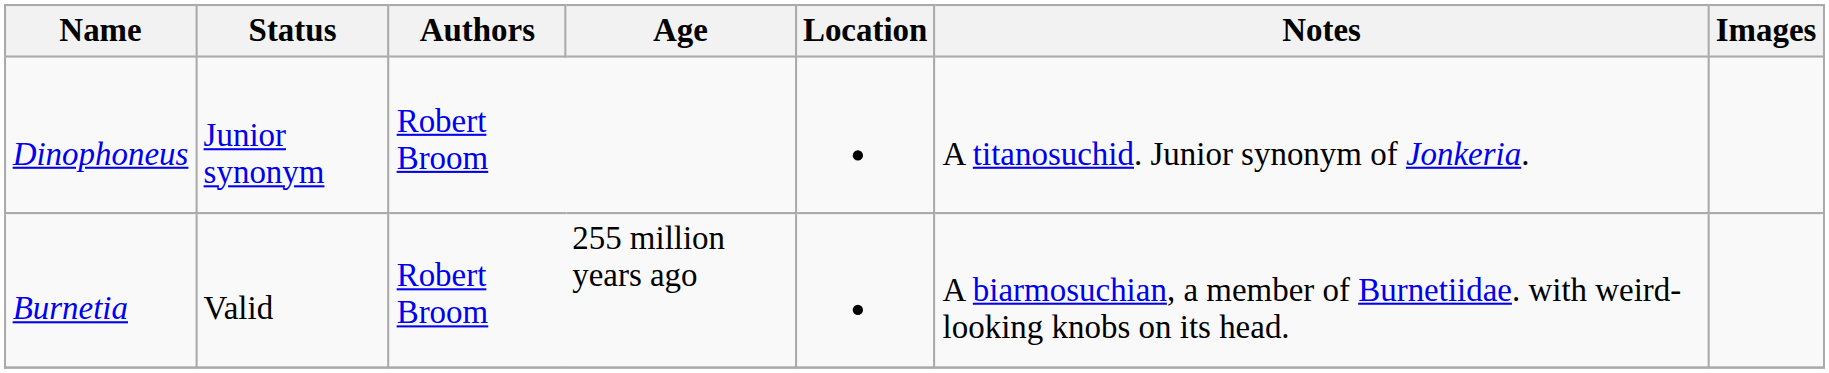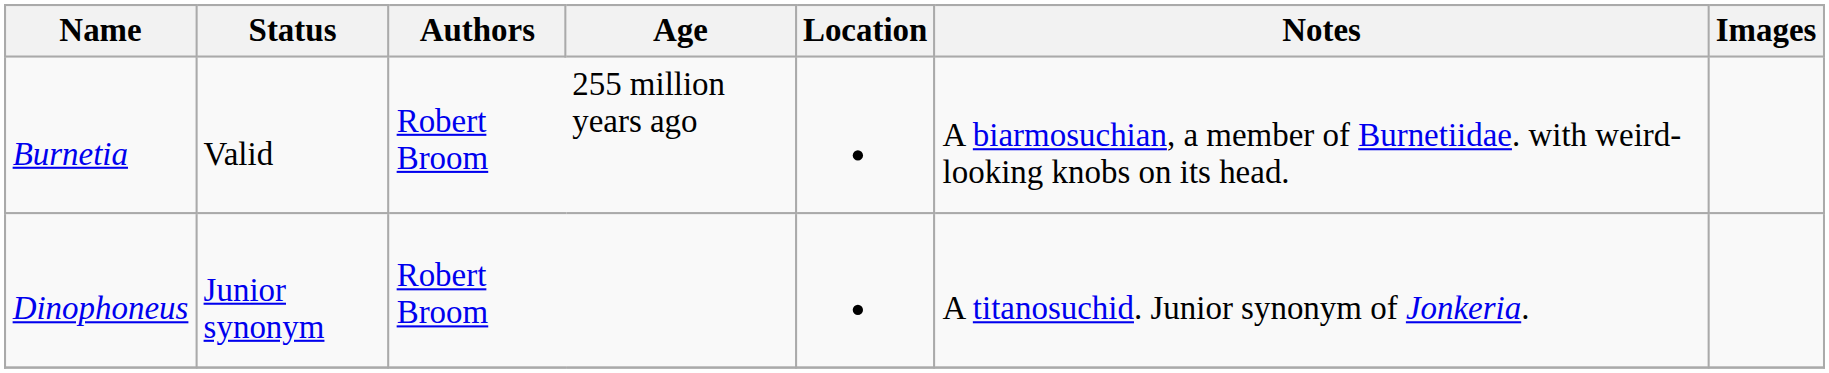 <table class="wikitable sortable" align="center" width="100%">
 <tr>
 <th>Name</th>
 <th>Status</th>
 <th>Authors</th>
 <th>Age</th>
 <th>Location</th>
 <th>Notes</th>
 <th>Images</th>
 </tr>
 <tr>
+<td><br><em><a href='#'>Burnetia</a></em></td>
+<td><br>Valid</td>
+<td style="border-right:0px" valign="top"><br><a href='#'>Robert Broom</a></td>
+<td style="border-left:0px" valign="top">255 million years ago</td>
+<td><br><ul><li></li></ul></td>
+<td><br>A <a href='#'>biarmosuchian</a>, a member of <a href='#'>Burnetiidae</a>. with weird-looking knobs on its head.</td>
+<td></td>
+</tr>
+<tr>
 <td><br><em><a href='#'>Dinophoneus</a></em></td>
 <td><br><a href='#'>Junior synonym</a></td>
 <td style="border-right:0px" valign="top"><br><a href='#'>Robert Broom</a></td>
 <td style="border-left:0px" valign="top"></td>
 <td><br><ul><li></li></ul></td>
 <td><br>A <a href='#'>titanosuchid</a>. Junior synonym of <em><a href='#'>Jonkeria</a></em>.</td>
 <td></td>
 </tr>
 <tr>
-<td><br><em><a href='#'>Burnetia</a></em></td>
-<td><br>Valid</td>
-<td style="border-right:0px" valign="top"><br><a href='#'>Robert Broom</a></td>
-<td style="border-left:0px" valign="top">255 million years ago</td>
-<td><br><ul><li></li></ul></td>
-<td><br>A <a href='#'>biarmosuchian</a>, a member of <a href='#'>Burnetiidae</a>. with weird-looking knobs on its head.</td>
-<td></td>
-</tr>
-<tr>
 </tr>
 </table>
